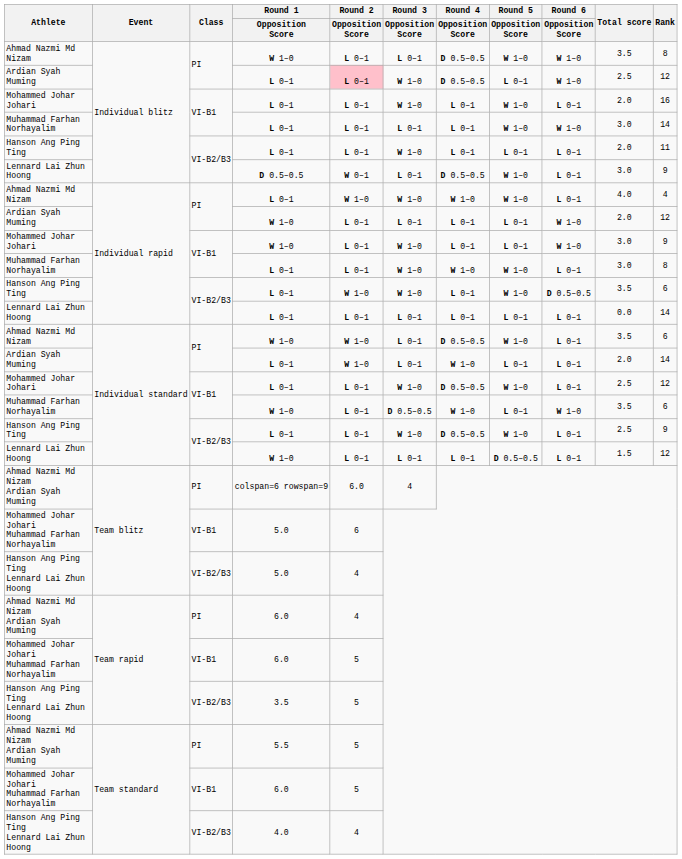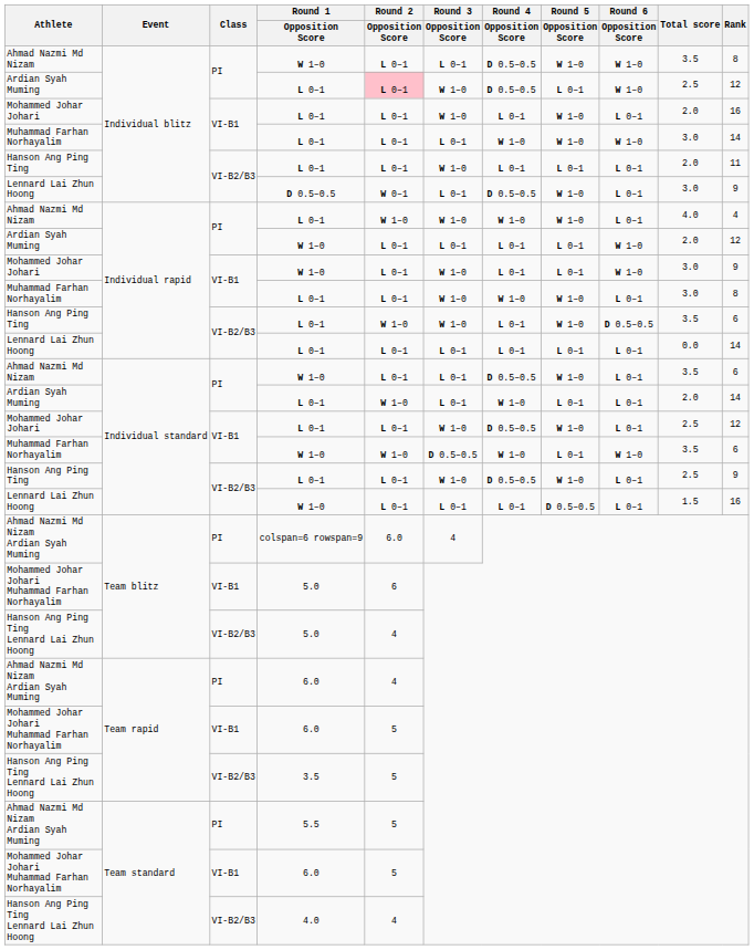 <table class="wikitable" style="text-align:center; font-size:90%">
 <tr>
 <th rowspan=2 width=120>Athlete</th>
 <th rowspan=2>Event</th>
 <th rowspan=2>Class</th>
 <th>Round 1</th>
 <th>Round 2</th>
 <th>Round 3</th>
 <th>Round 4</th>
 <th>Round 5</th>
 <th>Round 6</th>
 <th rowspan=2>Total score</th>
 <th rowspan=2>Rank</th>
 </tr>
 <tr>
 <th>Opposition<br>Score</th>
 <th>Opposition<br>Score</th>
 <th>Opposition<br>Score</th>
 <th>Opposition<br>Score</th>
 <th>Opposition<br>Score</th>
 <th>Opposition<br>Score</th>
 </tr>
 <tr>
 <td align="left">Ahmad Nazmi Md Nizam</td>
 <td rowspan=6 align=left>Individual blitz</td>
 <td rowspan=2 align=left>PI</td>
 <td><br><strong>W</strong> 1–0</td>
 <td><br><strong>L</strong> 0–1</td>
 <td><br><strong>L</strong> 0–1</td>
 <td><br><strong>D</strong> 0.5–0.5</td>
 <td><br><strong>W</strong> 1–0</td>
 <td><br><strong>W</strong> 1–0</td>
 <td>3.5</td>
 <td>8</td>
 </tr>
 <tr>
 <td align="left">Ardian Syah Muming</td>
 <td><br><strong>L</strong> 0–1</td>
 <td style="background: pink;"><br><strong>L</strong> 0–1</td>
 <td><br><strong>W</strong> 1–0</td>
 <td><br><strong>D</strong> 0.5–0.5</td>
 <td><br><strong>L</strong> 0–1</td>
 <td><br><strong>W</strong> 1–0</td>
 <td>2.5</td>
 <td>12</td>
 </tr>
 <tr>
 <td align="left">Mohammed Johar Johari</td>
 <td rowspan=2 align=left>VI-B1</td>
 <td><br><strong>L</strong> 0–1</td>
 <td><br><strong>L</strong> 0–1</td>
 <td><br><strong>W</strong> 1–0</td>
 <td><br><strong>L</strong> 0–1</td>
 <td><br><strong>W</strong> 1–0</td>
 <td><br><strong>L</strong> 0–1</td>
 <td>2.0</td>
 <td>16</td>
 </tr>
 <tr>
 <td align="left">Muhammad Farhan Norhayalim</td>
 <td><br><strong>L</strong> 0–1</td>
 <td><br><strong>L</strong> 0–1</td>
 <td><br><strong>L</strong> 0–1</td>
-<td><br><strong>L</strong> 0–1</td>
+<td><br><strong>W</strong> 1–0</td>
 <td><br><strong>W</strong> 1–0</td>
 <td><br><strong>W</strong> 1–0</td>
 <td>3.0</td>
 <td>14</td>
 </tr>
 <tr>
 <td align="left">Hanson Ang Ping Ting</td>
 <td rowspan=2 align=left>VI-B2/B3</td>
 <td><br><strong>L</strong> 0–1</td>
 <td><br><strong>L</strong> 0–1</td>
 <td><br><strong>W</strong> 1–0</td>
 <td><br><strong>L</strong> 0–1</td>
 <td><br><strong>L</strong> 0–1</td>
 <td><br><strong>L</strong> 0–1</td>
 <td>2.0</td>
 <td>11</td>
 </tr>
 <tr>
 <td align="left">Lennard Lai Zhun Hoong</td>
 <td><br><strong>D</strong> 0.5–0.5</td>
 <td><br><strong>W</strong> 0–1</td>
 <td><br><strong>L</strong> 0–1</td>
 <td><br><strong>D</strong> 0.5–0.5</td>
 <td><br><strong>W</strong> 1–0</td>
 <td><br><strong>L</strong> 0–1</td>
 <td>3.0</td>
 <td>9</td>
 </tr>
 <tr>
 <td align="left">Ahmad Nazmi Md Nizam</td>
 <td rowspan=6 align=left>Individual rapid</td>
 <td rowspan=2 align=left>PI</td>
 <td><br><strong>L</strong> 0–1</td>
 <td><br><strong>W</strong> 1–0</td>
 <td><br><strong>W</strong> 1–0</td>
 <td><br><strong>W</strong> 1–0</td>
 <td><br><strong>W</strong> 1–0</td>
 <td><br><strong>L</strong> 0–1</td>
 <td>4.0</td>
 <td>4</td>
 </tr>
 <tr>
 <td align="left">Ardian Syah Muming</td>
 <td><br><strong>W</strong> 1–0</td>
 <td><br><strong>L</strong> 0–1</td>
 <td><br><strong>L</strong> 0–1</td>
 <td><br><strong>L</strong> 0–1</td>
 <td><br><strong>L</strong> 0–1</td>
 <td><br><strong>W</strong> 1–0</td>
 <td>2.0</td>
 <td>12</td>
 </tr>
 <tr>
 <td align="left">Mohammed Johar Johari</td>
 <td rowspan=2 align=left>VI-B1</td>
 <td><br><strong>W</strong> 1–0</td>
 <td><br><strong>L</strong> 0–1</td>
 <td><br><strong>W</strong> 1–0</td>
 <td><br><strong>L</strong> 0–1</td>
 <td><br><strong>L</strong> 0–1</td>
 <td><br><strong>W</strong> 1–0</td>
 <td>3.0</td>
 <td>9</td>
 </tr>
 <tr>
 <td align="left">Muhammad Farhan Norhayalim</td>
 <td><br><strong>L</strong> 0–1</td>
 <td><br><strong>L</strong> 0–1</td>
 <td><br><strong>W</strong> 1–0</td>
 <td><br><strong>W</strong> 1–0</td>
 <td><br><strong>W</strong> 1–0</td>
 <td><br><strong>L</strong> 0–1</td>
 <td>3.0</td>
 <td>8</td>
 </tr>
 <tr>
 <td align="left">Hanson Ang Ping Ting</td>
 <td rowspan=2 align=left>VI-B2/B3</td>
 <td><br><strong>L</strong> 0–1</td>
 <td><br><strong>W</strong> 1–0</td>
 <td><br><strong>W</strong> 1–0</td>
 <td><br><strong>L</strong> 0–1</td>
 <td><br><strong>W</strong> 1–0</td>
 <td><br><strong>D</strong> 0.5–0.5</td>
 <td>3.5</td>
 <td>6</td>
 </tr>
 <tr>
 <td align="left">Lennard Lai Zhun Hoong</td>
 <td><br><strong>L</strong> 0–1</td>
 <td><br><strong>L</strong> 0–1</td>
 <td><br><strong>L</strong> 0–1</td>
 <td><br><strong>L</strong> 0–1</td>
 <td><br><strong>L</strong> 0–1</td>
 <td><br><strong>L</strong> 0–1</td>
 <td>0.0</td>
 <td>14</td>
 </tr>
 <tr>
 <td align="left">Ahmad Nazmi Md Nizam</td>
 <td rowspan=6 align=left>Individual standard</td>
 <td rowspan=2 align=left>PI</td>
 <td><br><strong>W</strong> 1–0</td>
-<td><br><strong>W</strong> 1–0</td>
+<td><br><strong>L</strong> 0–1</td>
 <td><br><strong>L</strong> 0–1</td>
 <td><br><strong>D</strong> 0.5–0.5</td>
 <td><br><strong>W</strong> 1–0</td>
 <td><br><strong>L</strong> 0–1</td>
 <td>3.5</td>
 <td>6</td>
 </tr>
 <tr>
 <td align="left">Ardian Syah Muming</td>
 <td><br><strong>L</strong> 0–1</td>
 <td><br><strong>W</strong> 1–0</td>
 <td><br><strong>L</strong> 0–1</td>
 <td><br><strong>W</strong> 1–0</td>
 <td><br><strong>L</strong> 0–1</td>
 <td><br><strong>L</strong> 0–1</td>
 <td>2.0</td>
 <td>14</td>
 </tr>
 <tr>
 <td align="left">Mohammed Johar Johari</td>
 <td rowspan=2 align=left>VI-B1</td>
 <td><br><strong>L</strong> 0–1</td>
 <td><br><strong>L</strong> 0–1</td>
 <td><br><strong>W</strong> 1–0</td>
 <td><br><strong>D</strong> 0.5–0.5</td>
 <td><br><strong>W</strong> 1–0</td>
 <td><br><strong>L</strong> 0–1</td>
 <td>2.5</td>
 <td>12</td>
 </tr>
 <tr>
 <td align="left">Muhammad Farhan Norhayalim</td>
 <td><br><strong>W</strong> 1–0</td>
-<td><br><strong>L</strong> 0–1</td>
+<td><br><strong>W</strong> 1–0</td>
 <td><br><strong>D</strong> 0.5–0.5</td>
 <td><br><strong>W</strong> 1–0</td>
 <td><br><strong>L</strong> 0–1</td>
 <td><br><strong>W</strong> 1–0</td>
 <td>3.5</td>
 <td>6</td>
 </tr>
 <tr>
 <td align="left">Hanson Ang Ping Ting</td>
 <td rowspan=2 align=left>VI-B2/B3</td>
 <td><br><strong>L</strong> 0–1</td>
 <td><br><strong>L</strong> 0–1</td>
 <td><br><strong>W</strong> 1–0</td>
 <td><br><strong>D</strong> 0.5–0.5</td>
 <td><br><strong>W</strong> 1–0</td>
 <td><br><strong>L</strong> 0–1</td>
 <td>2.5</td>
 <td>9</td>
 </tr>
 <tr>
 <td align="left">Lennard Lai Zhun Hoong</td>
 <td><br><strong>W</strong> 1–0</td>
 <td><br><strong>L</strong> 0–1</td>
 <td><br><strong>L</strong> 0–1</td>
 <td><br><strong>L</strong> 0–1</td>
 <td><br><strong>D</strong> 0.5–0.5</td>
 <td><br><strong>L</strong> 0–1</td>
 <td>1.5</td>
-<td>12</td>
+<td>16</td>
 </tr>
 <tr>
 <td align="left">Ahmad Nazmi Md Nizam<br>Ardian Syah Muming</td>
 <td rowspan=3 align=left>Team blitz</td>
 <td align="left">PI</td>
 <td>colspan=6 rowspan=9 </td>
 <td>6.0</td>
 <td>4</td>
 </tr>
 <tr>
 <td align="left">Mohammed Johar Johari<br>Muhammad Farhan Norhayalim</td>
 <td align="left">VI-B1</td>
 <td>5.0</td>
 <td>6</td>
 </tr>
 <tr>
 <td align="left">Hanson Ang Ping Ting<br>Lennard Lai Zhun Hoong</td>
 <td align="left">VI-B2/B3</td>
 <td>5.0</td>
 <td>4</td>
 </tr>
 <tr>
 <td align="left">Ahmad Nazmi Md Nizam<br>Ardian Syah Muming</td>
 <td rowspan=3 align=left>Team rapid</td>
 <td align="left">PI</td>
 <td>6.0</td>
 <td>4</td>
 </tr>
 <tr>
 <td align="left">Mohammed Johar Johari<br>Muhammad Farhan Norhayalim</td>
 <td align="left">VI-B1</td>
 <td>6.0</td>
 <td>5</td>
 </tr>
 <tr>
 <td align="left">Hanson Ang Ping Ting<br>Lennard Lai Zhun Hoong</td>
 <td align="left">VI-B2/B3</td>
 <td>3.5</td>
 <td>5</td>
 </tr>
 <tr>
 <td align="left">Ahmad Nazmi Md Nizam<br>Ardian Syah Muming</td>
 <td rowspan=3 align=left>Team standard</td>
 <td align="left">PI</td>
 <td>5.5</td>
 <td>5</td>
 </tr>
 <tr>
 <td align="left">Mohammed Johar Johari<br>Muhammad Farhan Norhayalim</td>
 <td align="left">VI-B1</td>
 <td>6.0</td>
 <td>5</td>
 </tr>
 <tr>
 <td align="left">Hanson Ang Ping Ting<br>Lennard Lai Zhun Hoong</td>
 <td align="left">VI-B2/B3</td>
 <td>4.0</td>
 <td>4</td>
 </tr>
 </table>
